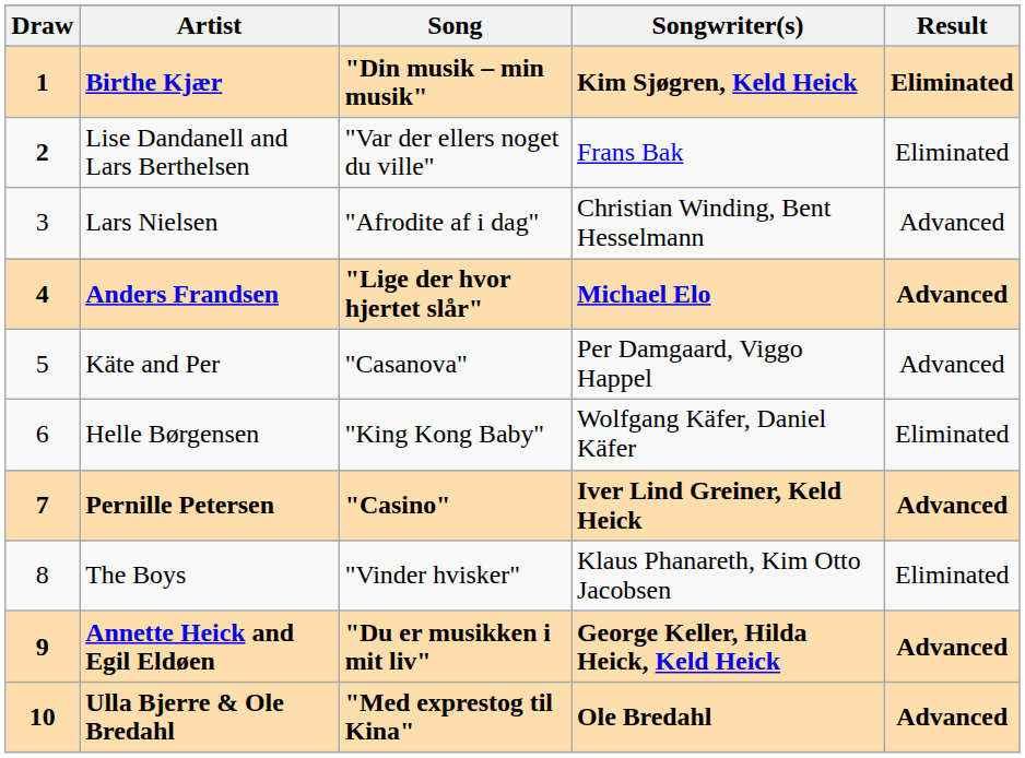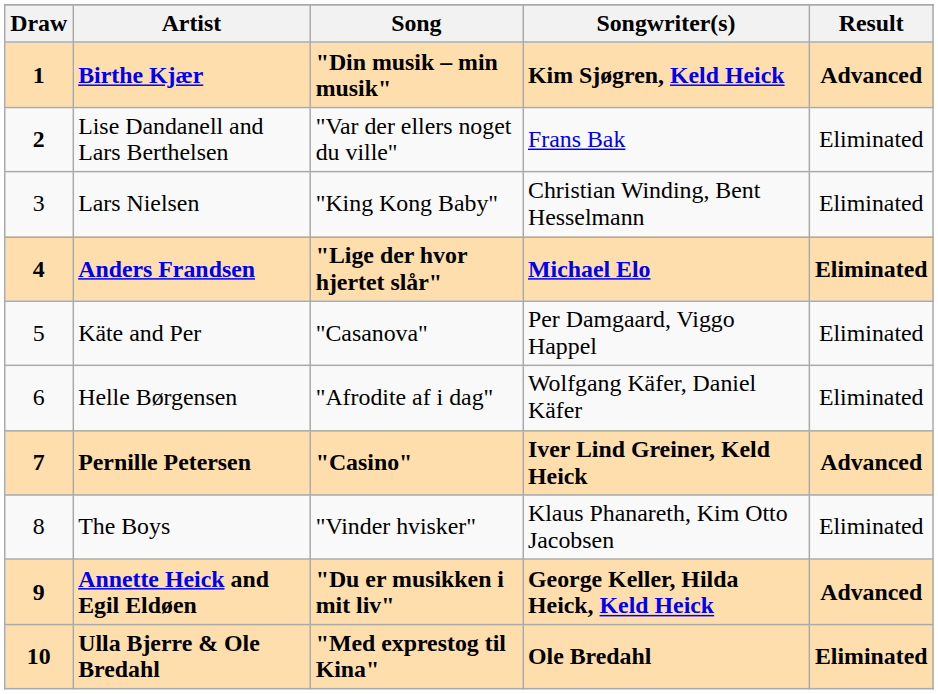 <table class="sortable wikitable" style="margin: 1em auto 1em auto; text-align:center">
 <tr>
 </tr>
 <tr>
 <th>Draw</th>
 <th>Artist</th>
 <th>Song</th>
 <th>Songwriter(s)</th>
 <th>Result</th>
 </tr>
 <tr style="font-weight:bold;background:navajowhite">
 <td>1</td>
 <td align="left"><a href='#'>Birthe Kjær</a></td>
 <td align="left">"Din musik – min musik"</td>
 <td align="left">Kim Sjøgren, <a href='#'>Keld Heick</a></td>
-<td>Eliminated</td>
+<td>Advanced</td>
 </tr>
 <tr>
 <td><strong>2</strong></td>
 <td align="left">Lise Dandanell and Lars Berthelsen</td>
 <td align="left">"Var der ellers noget du ville"</td>
 <td align="left"><a href='#'>Frans Bak</a></td>
 <td>Eliminated</td>
 </tr>
 <tr>
 <td>3</td>
 <td align="left">Lars Nielsen</td>
-<td align="left">"Afrodite af i dag"</td>
+<td align="left">"King Kong Baby"</td>
 <td align="left">Christian Winding, Bent Hesselmann</td>
-<td>Advanced</td>
+<td>Eliminated</td>
 </tr>
 <tr style="font-weight:bold;background:navajowhite">
 <td>4</td>
 <td align="left"><a href='#'>Anders Frandsen</a></td>
 <td align="left">"Lige der hvor hjertet slår"</td>
 <td align="left"><a href='#'>Michael Elo</a></td>
-<td>Advanced</td>
+<td>Eliminated</td>
 </tr>
 <tr>
 <td>5</td>
 <td align="left">Käte and Per</td>
 <td align="left">"Casanova"</td>
 <td align="left">Per Damgaard, Viggo Happel</td>
-<td>Advanced</td>
+<td>Eliminated</td>
 </tr>
 <tr>
 <td>6</td>
 <td align="left">Helle Børgensen</td>
-<td align="left">"King Kong Baby"</td>
+<td align="left">"Afrodite af i dag"</td>
 <td align="left">Wolfgang Käfer, Daniel Käfer</td>
 <td>Eliminated</td>
 </tr>
 <tr style="font-weight:bold;background:navajowhite">
 <td>7</td>
 <td align="left">Pernille Petersen</td>
 <td align="left">"Casino"</td>
 <td align="left">Iver Lind Greiner, Keld Heick</td>
 <td>Advanced</td>
 </tr>
 <tr>
 <td>8</td>
 <td align="left">The Boys</td>
 <td align="left">"Vinder hvisker"</td>
 <td align="left">Klaus Phanareth, Kim Otto Jacobsen</td>
 <td>Eliminated</td>
 </tr>
 <tr style="font-weight:bold;background:navajowhite">
 <td>9</td>
 <td align="left"><a href='#'>Annette Heick</a> and Egil Eldøen</td>
 <td align="left">"Du er musikken i mit liv"</td>
 <td align="left">George Keller, Hilda Heick, <a href='#'>Keld Heick</a></td>
 <td>Advanced</td>
 </tr>
 <tr style="font-weight:bold;background:navajowhite">
 <td>10</td>
 <td align="left">Ulla Bjerre & Ole Bredahl</td>
 <td align="left">"Med exprestog til Kina"</td>
 <td align="left">Ole Bredahl</td>
-<td>Advanced</td>
+<td>Eliminated</td>
 </tr>
 </table>
